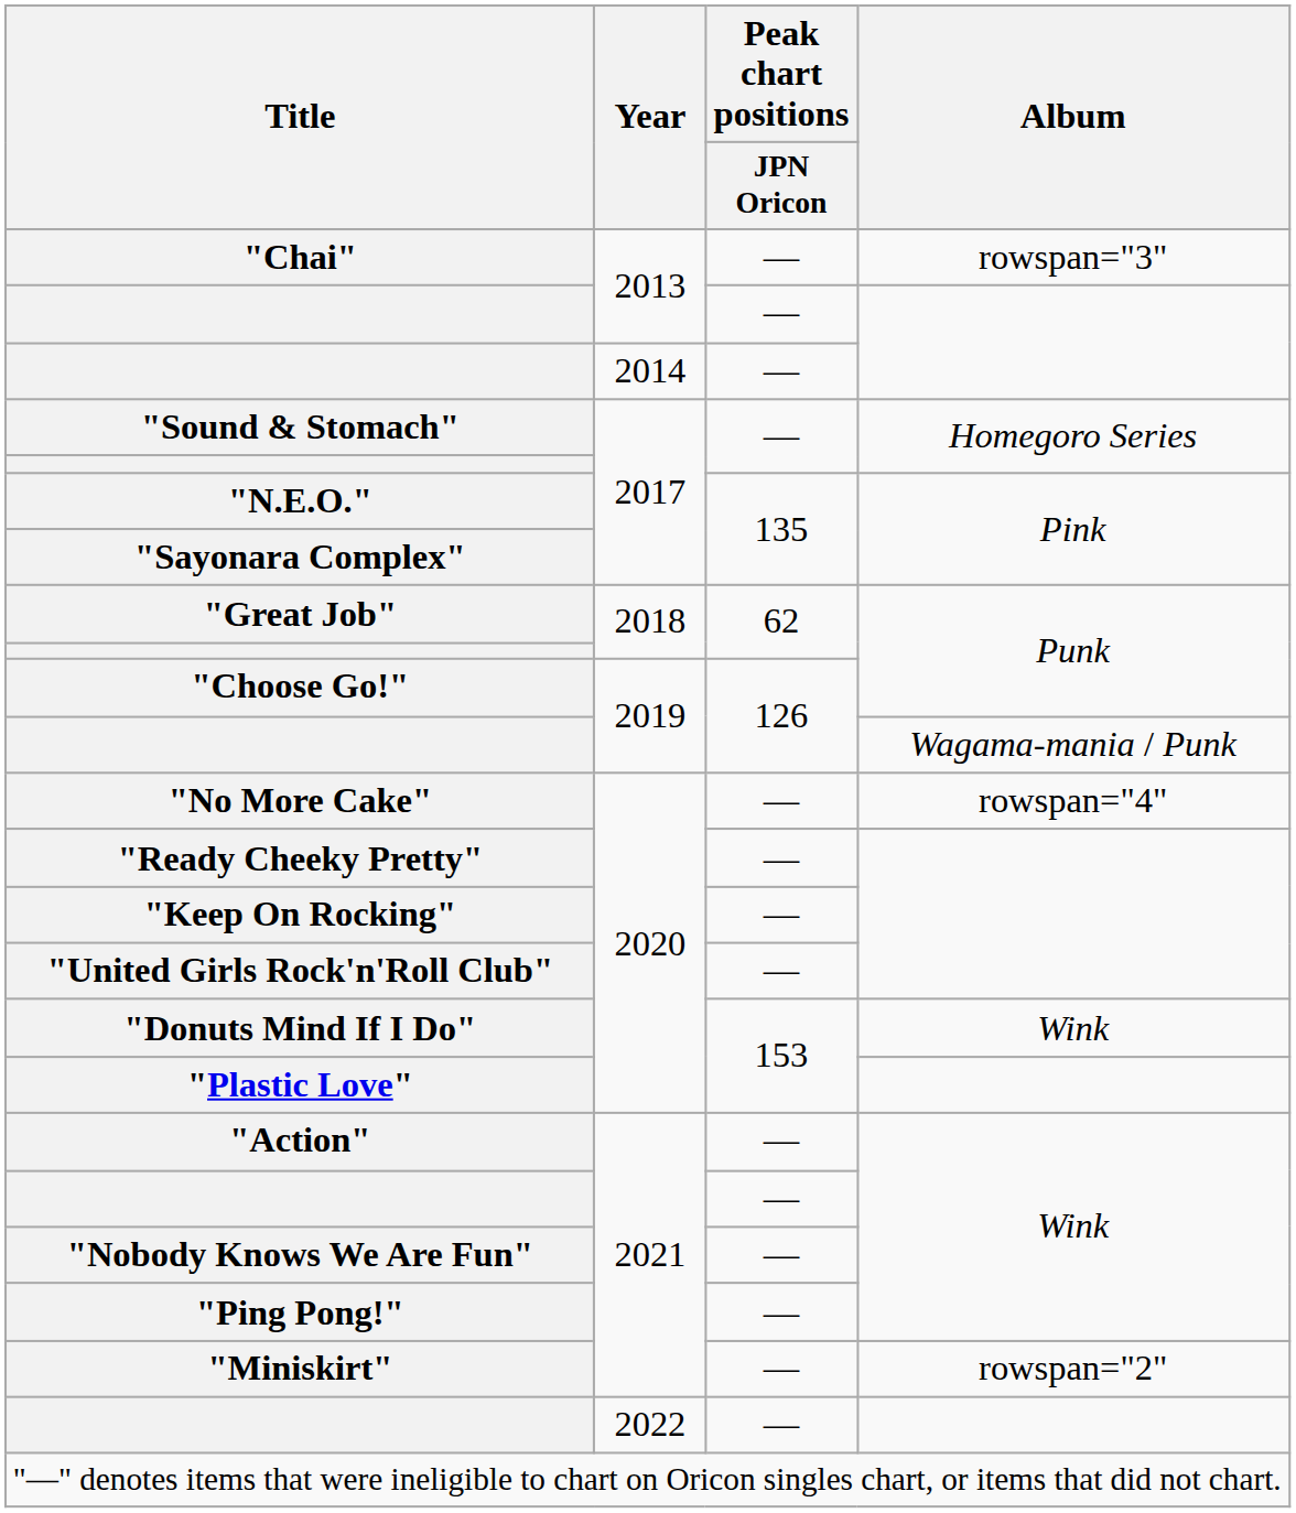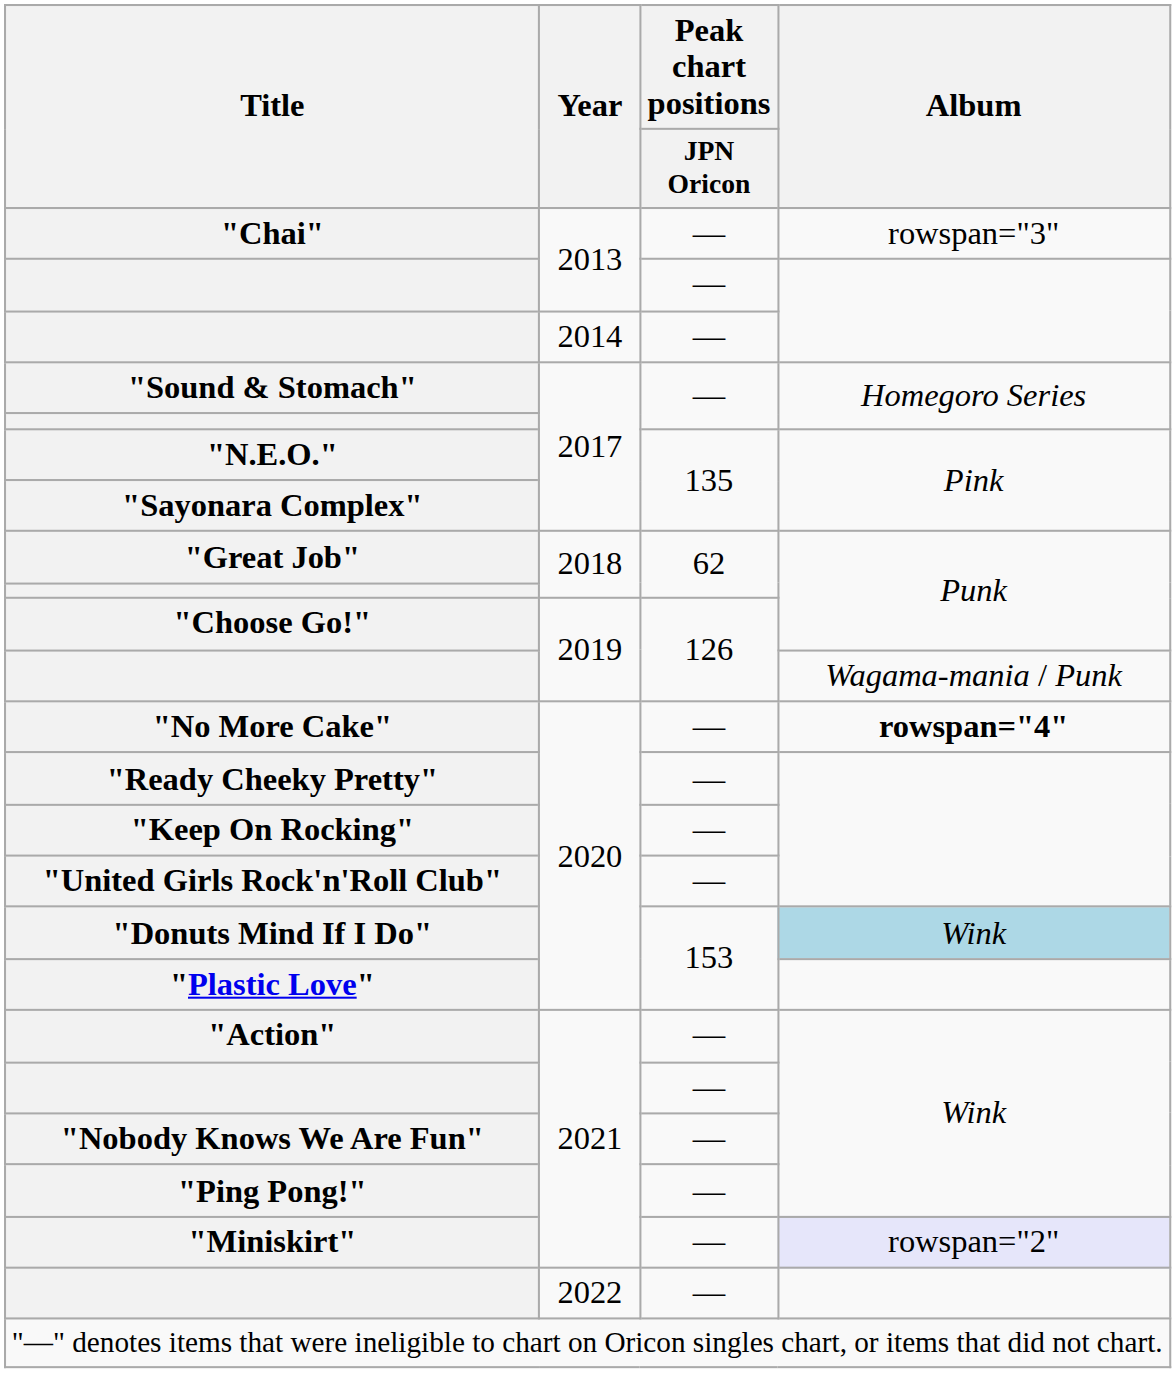 <table class="wikitable plainrowheaders" style="text-align:center;">
 <tr>
 <th scope="col" rowspan="2" style="width:16em;">Title</th>
 <th scope="col" rowspan="2">Year</th>
 <th scope="col" colspan="1">Peak chart positions</th>
 <th scope="col" rowspan="2">Album</th>
 </tr>
 <tr>
 <th style="width:3em;font-size:85%">JPN<br>Oricon<br></th>
 </tr>
 <tr>
 <th scope="row">"Chai"</th>
 <td rowspan="2">2013</td>
 <td>—</td>
 <td>rowspan="3" </td>
 </tr>
 <tr>
 <th scope="row"></th>
 <td>—</td>
 </tr>
 <tr>
 <th scope="row"></th>
 <td>2014</td>
 <td>—</td>
 </tr>
 <tr>
 <th scope="row">"Sound & Stomach"</th>
 <td rowspan="4">2017</td>
 <td rowspan="2">—</td>
 <td rowspan="2"><em>Homegoro Series</em></td>
 </tr>
 <tr>
 <th scope="row"></th>
 </tr>
 <tr>
 <th scope="row">"N.E.O."</th>
 <td rowspan="2">135</td>
 <td rowspan="2"><em>Pink</em></td>
 </tr>
 <tr>
 <th scope="row">"Sayonara Complex"</th>
 </tr>
 <tr>
 <th scope="row">"Great Job"</th>
 <td rowspan="2">2018</td>
 <td rowspan="2">62</td>
 <td rowspan="3"><em>Punk</em></td>
 </tr>
 <tr>
 <th scope="row"></th>
 </tr>
 <tr>
 <th scope="row">"Choose Go!"</th>
 <td rowspan="2">2019</td>
 <td rowspan="2">126</td>
 </tr>
 <tr>
 <th scope="row"></th>
 <td><em>Wagama-mania</em> / <em>Punk</em></td>
 </tr>
 <tr>
 <th scope="row">"No More Cake"</th>
 <td rowspan="6">2020</td>
 <td>—</td>
-<td>rowspan="4" </td>
+<td><strong>rowspan="4" </strong></td>
 </tr>
 <tr>
 <th scope="row">"Ready Cheeky Pretty"</th>
 <td>—</td>
 </tr>
 <tr>
 <th scope="row">"Keep On Rocking"</th>
 <td>—</td>
 </tr>
 <tr>
 <th scope="row">"United Girls Rock'n'Roll Club"<br></th>
 <td>—</td>
 </tr>
 <tr>
 <th scope="row">"Donuts Mind If I Do"</th>
 <td rowspan="2">153</td>
-<td><em>Wink</em></td>
+<td style="background: lightblue;"><em>Wink</em></td>
 </tr>
 <tr>
 <th scope="row">"<a href='#'>Plastic Love</a>"</th>
 <td></td>
 </tr>
 <tr>
 <th scope="row">"Action"</th>
 <td rowspan="5">2021</td>
 <td>—</td>
 <td rowspan="4"><em>Wink</em></td>
 </tr>
 <tr>
 <th scope="row"><br></th>
 <td>—</td>
 </tr>
 <tr>
 <th scope="row">"Nobody Knows We Are Fun"</th>
 <td>—</td>
 </tr>
 <tr>
 <th scope="row">"Ping Pong!"<br></th>
 <td>—</td>
 </tr>
 <tr>
 <th scope="row">"Miniskirt"</th>
 <td>—</td>
-<td>rowspan="2" </td>
+<td style="background: lavender;">rowspan="2" </td>
 </tr>
 <tr>
 <th scope="row"></th>
 <td rowspan="1">2022</td>
 <td>—</td>
 </tr>
 <tr>
 <td colspan="12" align="center" style="font-size:90%;">"—" denotes items that were ineligible to chart on Oricon singles chart, or items that did not chart.</td>
 </tr>
 </table>
